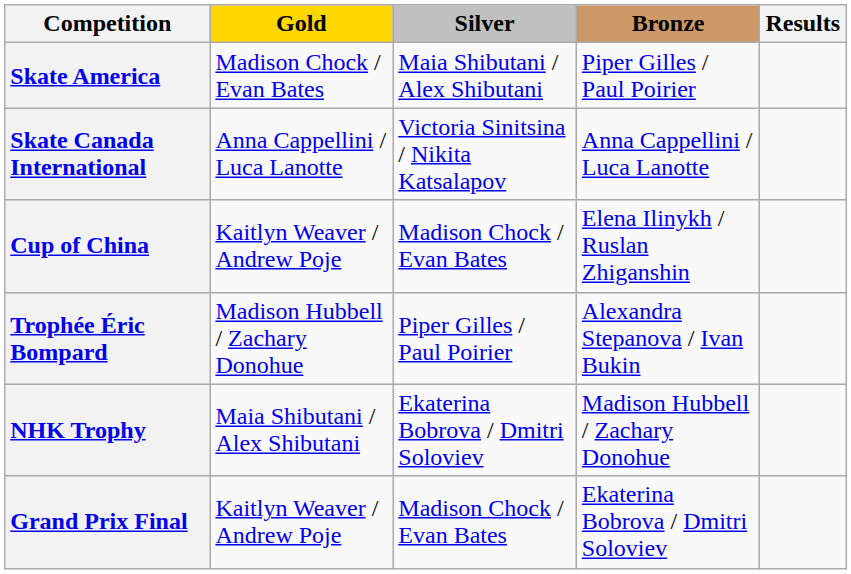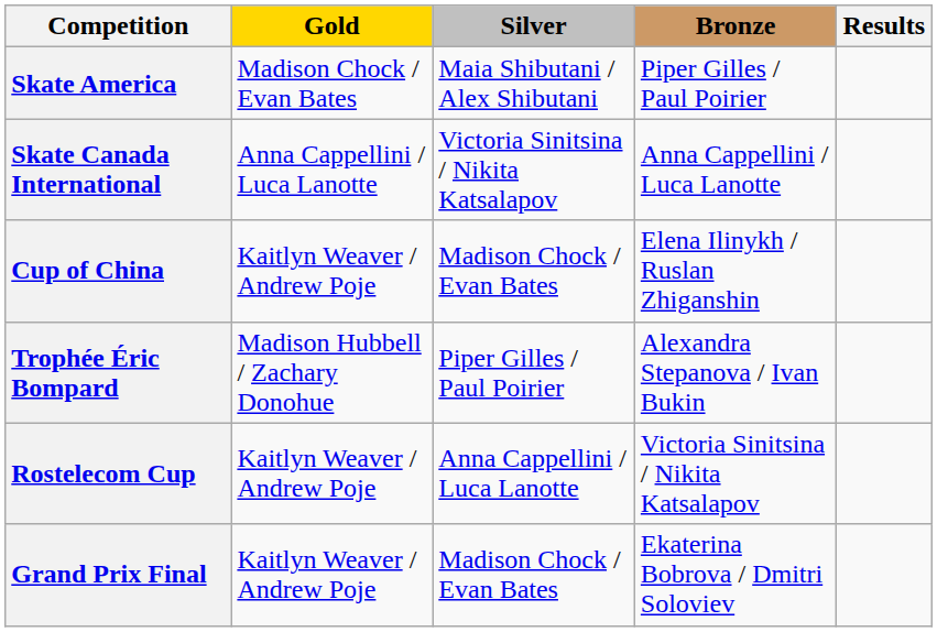 <table class="wikitable unsortable" style="text-align:left; width:90%">
 <tr>
 <th scope="col" style="text-align:center; width:25%;">Competition</th>
 <td scope="col" style="text-align:center; width:22.5%; background:gold"><strong>Gold</strong></td>
 <td scope="col" style="text-align:center; width:22.5%; background:silver"><strong>Silver</strong></td>
 <td scope="col" style="text-align:center; width:22.5%; background:#c96"><strong>Bronze</strong></td>
 <th scope="col" style="text-align:center; width:7.5%;">Results</th>
 </tr>
 <tr>
 <th scope="row" style="text-align:left"> <a href='#'>Skate America</a></th>
 <td> <a href='#'>Madison Chock</a> / <a href='#'>Evan Bates</a></td>
 <td> <a href='#'>Maia Shibutani</a> / <a href='#'>Alex Shibutani</a></td>
 <td> <a href='#'>Piper Gilles</a> / <a href='#'>Paul Poirier</a></td>
 <td></td>
 </tr>
 <tr>
 <th scope="row" style="text-align:left"> <a href='#'>Skate Canada International</a></th>
 <td> <a href='#'>Anna Cappellini</a> / <a href='#'>Luca Lanotte</a></td>
 <td> <a href='#'>Victoria Sinitsina</a> / <a href='#'>Nikita Katsalapov</a></td>
 <td> <a href='#'>Anna Cappellini</a> / <a href='#'>Luca Lanotte</a></td>
 <td></td>
 </tr>
 <tr>
 <th scope="row" style="text-align:left"> <a href='#'>Cup of China</a></th>
 <td> <a href='#'>Kaitlyn Weaver</a> / <a href='#'>Andrew Poje</a></td>
 <td> <a href='#'>Madison Chock</a> / <a href='#'>Evan Bates</a></td>
 <td> <a href='#'>Elena Ilinykh</a> / <a href='#'>Ruslan Zhiganshin</a></td>
 <td></td>
 </tr>
 <tr>
 <th scope="row" style="text-align:left"> <a href='#'>Trophée Éric Bompard</a></th>
 <td> <a href='#'>Madison Hubbell</a> / <a href='#'>Zachary Donohue</a></td>
 <td> <a href='#'>Piper Gilles</a> / <a href='#'>Paul Poirier</a></td>
 <td> <a href='#'>Alexandra Stepanova</a> / <a href='#'>Ivan Bukin</a></td>
 <td></td>
 </tr>
 <tr>
-<th scope="row" style="text-align:left"> <a href='#'>NHK Trophy</a></th>
-<td> <a href='#'>Maia Shibutani</a> / <a href='#'>Alex Shibutani</a></td>
-<td> <a href='#'>Ekaterina Bobrova</a> / <a href='#'>Dmitri Soloviev</a></td>
-<td> <a href='#'>Madison Hubbell</a> / <a href='#'>Zachary Donohue</a></td>
+<th scope="row" style="text-align:left"> <a href='#'>Rostelecom Cup</a></th>
+<td> <a href='#'>Kaitlyn Weaver</a> / <a href='#'>Andrew Poje</a></td>
+<td> <a href='#'>Anna Cappellini</a> / <a href='#'>Luca Lanotte</a></td>
+<td> <a href='#'>Victoria Sinitsina</a> / <a href='#'>Nikita Katsalapov</a></td>
 <td></td>
 </tr>
 <tr>
 <th scope="row" style="text-align:left"> <a href='#'>Grand Prix Final</a></th>
 <td> <a href='#'>Kaitlyn Weaver</a> / <a href='#'>Andrew Poje</a></td>
 <td> <a href='#'>Madison Chock</a> / <a href='#'>Evan Bates</a></td>
 <td> <a href='#'>Ekaterina Bobrova</a> / <a href='#'>Dmitri Soloviev</a></td>
 <td></td>
 </tr>
 </table>
